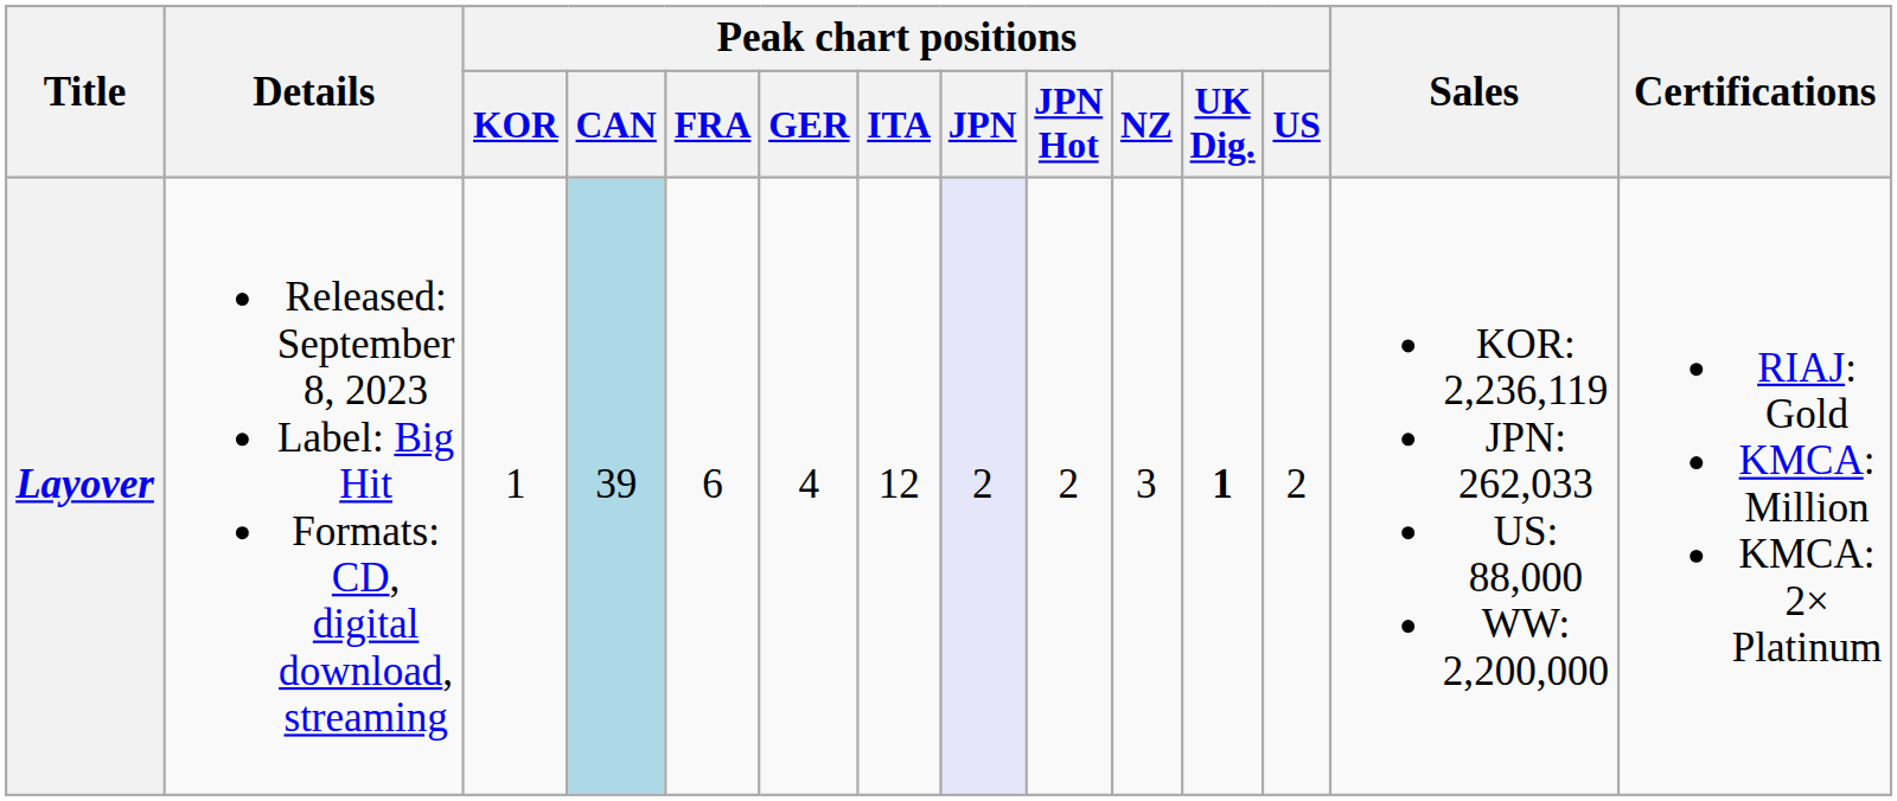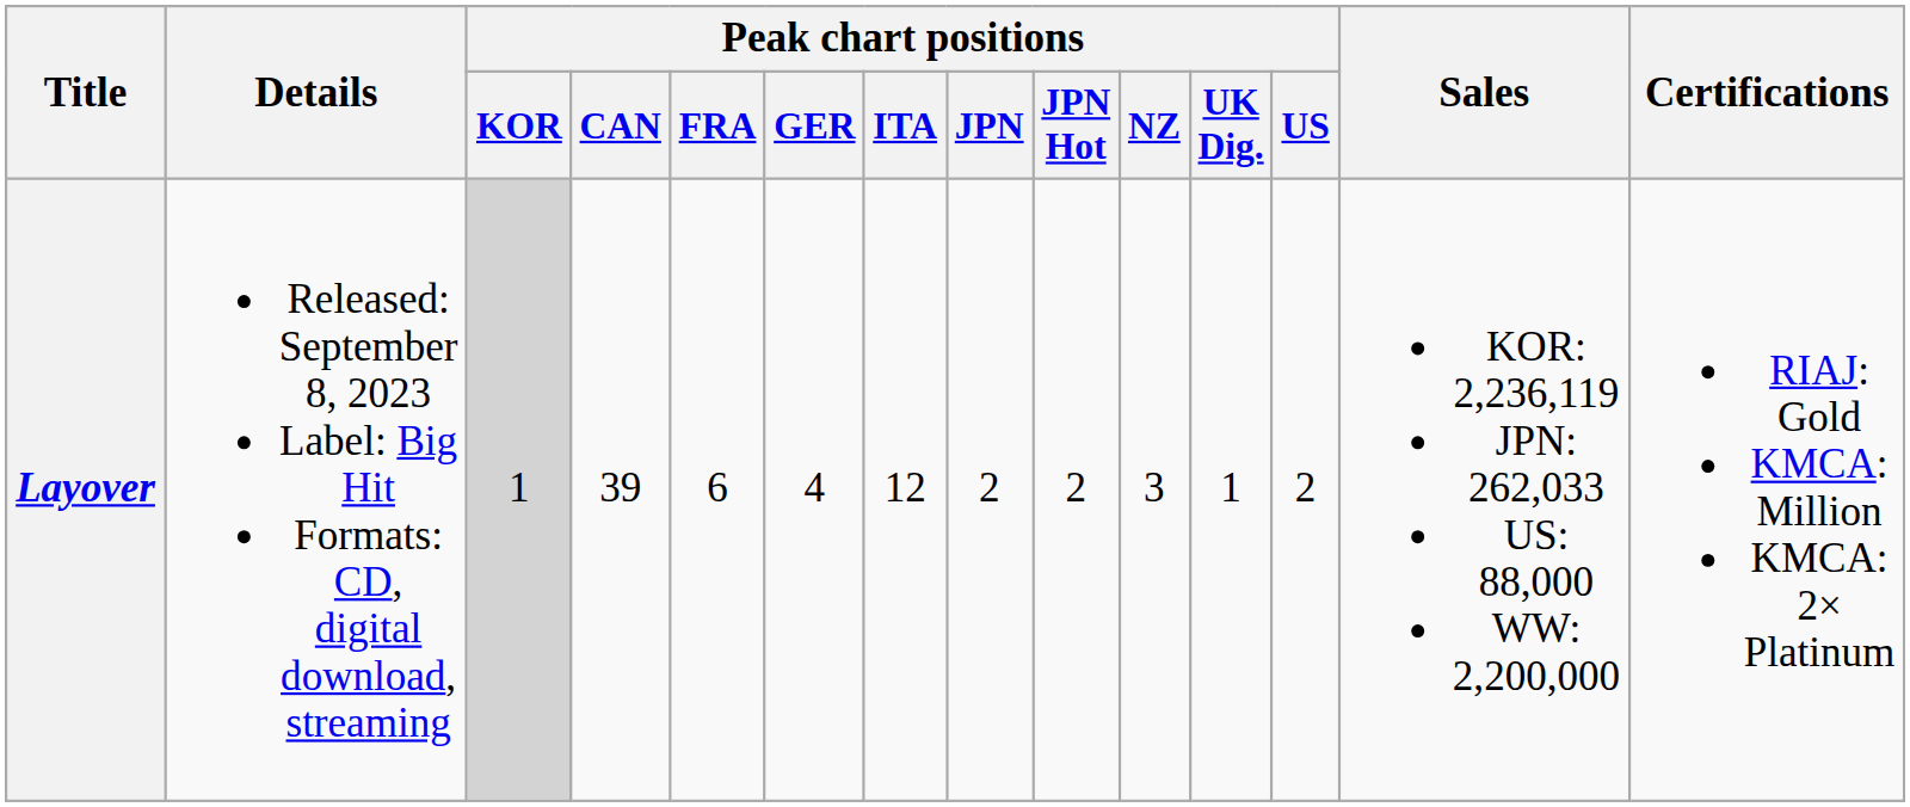 <table class="wikitable plainrowheaders" style="text-align:center;">
 <tr>
 <th scope="col" rowspan="2">Title</th>
 <th scope="col" rowspan="2">Details</th>
 <th scope="col" colspan="10">Peak chart positions</th>
 <th scope="col" rowspan="2">Sales</th>
 <th scope="col" rowspan="2">Certifications</th>
 </tr>
 <tr>
 <th scope="col" style="width:2.7em;font-size:90%;"><a href='#'>KOR</a><br></th>
 <th scope="col" style="width:2.7em;font-size:90%;"><a href='#'>CAN</a><br></th>
 <th scope="col" style="width:2.7em;font-size:90%;"><a href='#'>FRA</a><br></th>
 <th scope="col" style="width:2.7em;font-size:90%;"><a href='#'>GER</a><br></th>
 <th scope="col" style="width:2.7em;font-size:90%;"><a href='#'>ITA</a><br></th>
 <th scope="col" style="width:2.7em;font-size:90%;"><a href='#'>JPN</a><br></th>
 <th scope="col" style="width:2.7em;font-size:90%;"><a href='#'>JPN<br>Hot</a><br></th>
 <th scope="col" style="width:2.7em;font-size:90%;"><a href='#'>NZ</a><br></th>
 <th scope="col" style="width:2.7em;font-size:90%;"><a href='#'>UK<br>Dig.</a><br></th>
 <th scope="col" style="width:2.7em;font-size:90%;"><a href='#'>US</a><br></th>
 </tr>
 <tr>
 <th scope="row"><em><a href='#'>Layover</a></em></th>
 <td><br><ul><li>Released: September 8, 2023</li><li>Label: <a href='#'>Big Hit</a></li><li>Formats: <a href='#'>CD</a>, <a href='#'>digital download</a>, <a href='#'>streaming</a></li></ul></td>
-<td>1</td>
-<td style="background: lightblue;">39</td>
+<td style="background: lightgrey;">1</td>
+<td>39</td>
 <td>6</td>
 <td>4</td>
 <td>12</td>
-<td style="background: lavender;">2</td>
+<td>2</td>
 <td>2</td>
 <td>3</td>
-<td><strong>1</strong></td>
+<td>1</td>
 <td>2</td>
 <td><br><ul><li>KOR: 2,236,119</li><li>JPN: 262,033</li><li>US: 88,000</li><li>WW: 2,200,000</li></ul></td>
 <td><br><ul><li><a href='#'>RIAJ</a>: Gold</li><li><a href='#'>KMCA</a>: Million</li><li>KMCA: 2× Platinum</li></ul></td>
 </tr>
 </table>
